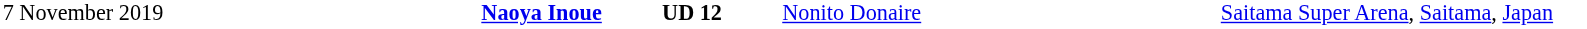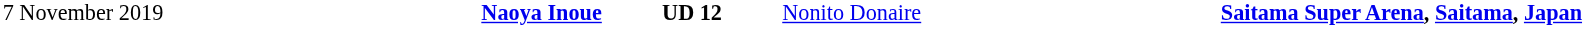 <table cellspacing="1" style="width:100%;">
 <tr>
 <th width="15%"></th>
 <th width="25%"></th>
 <th width="10%"></th>
 <th width="25%"></th>
 </tr>
 <tr style="font-size:100%">
 <td align="right">7 November 2019</td>
 <td align="right"><strong><a href='#'>Naoya Inoue</a></strong> </td>
 <td align="center"><strong>UD 12</strong></td>
 <td> <a href='#'>Nonito Donaire</a></td>
-<td><a href='#'>Saitama Super Arena</a>, <a href='#'>Saitama</a>, <a href='#'>Japan</a></td>
+<td><strong><a href='#'>Saitama Super Arena</a>, <a href='#'>Saitama</a>, <a href='#'>Japan</a></strong></td>
 </tr>
 </table>
